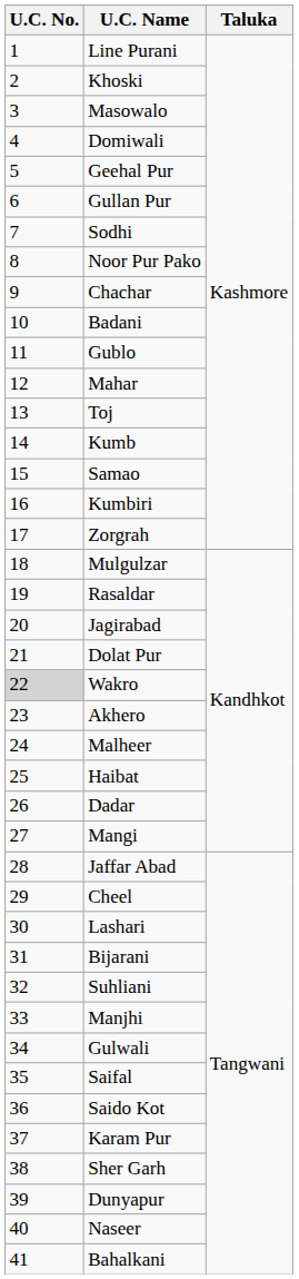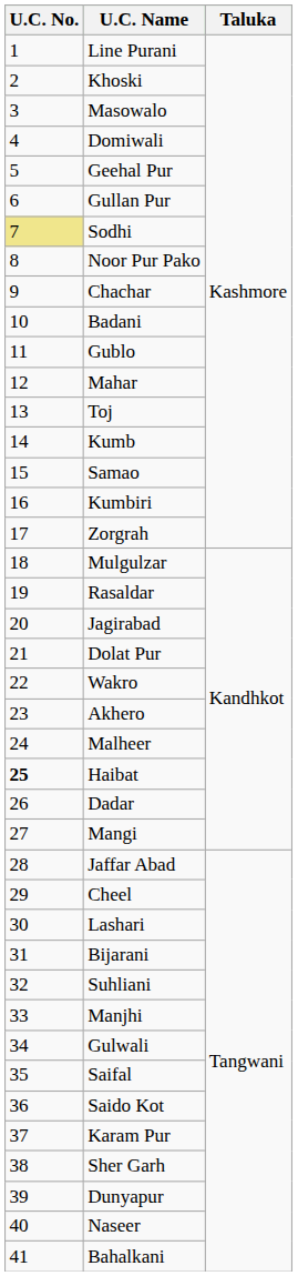 <table class="wikitable sortable">
 <tr style="background:#98fb98;">
 <th>U.C. No.</th>
 <th>U.C. Name</th>
 <th>Taluka</th>
 </tr>
 <tr>
 <td>1</td>
 <td>Line Purani</td>
 <td rowspan="17">Kashmore</td>
 </tr>
 <tr>
 <td>2</td>
 <td>Khoski</td>
 </tr>
 <tr>
 <td>3</td>
 <td>Masowalo</td>
 </tr>
 <tr>
 <td>4</td>
 <td>Domiwali</td>
 </tr>
 <tr>
 <td>5</td>
 <td>Geehal Pur</td>
 </tr>
 <tr>
 <td>6</td>
 <td>Gullan Pur</td>
 </tr>
 <tr>
-<td>7</td>
+<td style="background: khaki;">7</td>
 <td>Sodhi</td>
 </tr>
 <tr>
 <td>8</td>
 <td>Noor Pur Pako</td>
 </tr>
 <tr>
 <td>9</td>
 <td>Chachar</td>
 </tr>
 <tr>
 <td>10</td>
 <td>Badani</td>
 </tr>
 <tr>
 <td>11</td>
 <td>Gublo</td>
 </tr>
 <tr>
 <td>12</td>
 <td>Mahar</td>
 </tr>
 <tr>
 <td>13</td>
 <td>Toj</td>
 </tr>
 <tr>
 <td>14</td>
 <td>Kumb</td>
 </tr>
 <tr>
 <td>15</td>
 <td>Samao</td>
 </tr>
 <tr>
 <td>16</td>
 <td>Kumbiri</td>
 </tr>
 <tr>
 <td>17</td>
 <td>Zorgrah</td>
 </tr>
 <tr>
 <td>18</td>
 <td>Mulgulzar</td>
 <td rowspan="10">Kandhkot</td>
 </tr>
 <tr>
 <td>19</td>
 <td>Rasaldar</td>
 </tr>
 <tr>
 <td>20</td>
 <td>Jagirabad</td>
 </tr>
 <tr>
 <td>21</td>
 <td>Dolat Pur</td>
 </tr>
 <tr>
-<td style="background: lightgrey;">22</td>
+<td>22</td>
 <td>Wakro</td>
 </tr>
 <tr>
 <td>23</td>
 <td>Akhero</td>
 </tr>
 <tr>
 <td>24</td>
 <td>Malheer</td>
 </tr>
 <tr>
-<td>25</td>
+<td><strong>25</strong></td>
 <td>Haibat</td>
 </tr>
 <tr>
 <td>26</td>
 <td>Dadar</td>
 </tr>
 <tr>
 <td>27</td>
 <td>Mangi</td>
 </tr>
 <tr>
 <td>28</td>
 <td>Jaffar Abad</td>
 <td rowspan="14">Tangwani</td>
 </tr>
 <tr>
 <td>29</td>
 <td>Cheel</td>
 </tr>
 <tr>
 <td>30</td>
 <td>Lashari</td>
 </tr>
 <tr>
 <td>31</td>
 <td>Bijarani</td>
 </tr>
 <tr>
 <td>32</td>
 <td>Suhliani</td>
 </tr>
 <tr>
 <td>33</td>
 <td>Manjhi</td>
 </tr>
 <tr>
 <td>34</td>
 <td>Gulwali</td>
 </tr>
 <tr>
 <td>35</td>
 <td>Saifal</td>
 </tr>
 <tr>
 <td>36</td>
 <td>Saido Kot</td>
 </tr>
 <tr>
 <td>37</td>
 <td>Karam Pur</td>
 </tr>
 <tr>
 <td>38</td>
 <td>Sher Garh</td>
 </tr>
 <tr>
 <td>39</td>
 <td>Dunyapur</td>
 </tr>
 <tr>
 <td>40</td>
 <td>Naseer</td>
 </tr>
 <tr>
 <td>41</td>
 <td>Bahalkani</td>
 </tr>
 </table>
